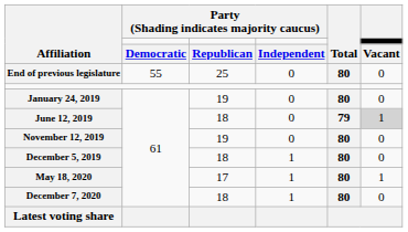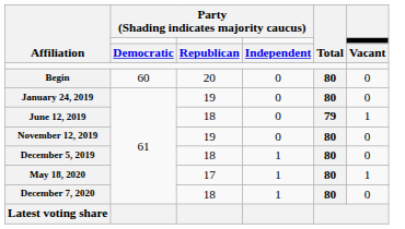 <table class="wikitable" style="text-align:center">
 <tr valign=bottom>
 <th scope="col" rowspan=3>Affiliation</th>
 <th scope="col" colspan=3>Party <div>(Shading indicates majority caucus)</div></th>
 <th scope="col" rowspan=3>Total</th>
 <th></th>
 </tr>
 <tr style="height:5px">
 <td style="background-color:"></td>
 <td style="background-color:"></td>
 <td style="background-color:"></td>
 <td style="background-color:black"></td>
 </tr>
 <tr>
 <th scope="row"><a href='#'>Democratic</a></th>
 <th><a href='#'>Republican</a></th>
 <th><a href='#'>Independent</a></th>
 <th>Vacant</th>
 </tr>
 <tr>
-<th scope="row" style="white-space:nowrap; font-size:80% ">End of previous legislature</th>
-<td>55</td>
-<td>25</td>
+<td colspan="5"></td>
+</tr>
+<tr>
+<th scope="row" style="white-space:nowrap; font-size:80%">Begin</th>
+<td>60</td>
+<td>20</td>
 <td>0</td>
 <th>80</th>
 <td>0</td>
-</tr>
-<tr>
-<td colspan="5"></td>
 </tr>
 <tr>
 <th scope="row" style="white-space:nowrap; font-size:80%">January 24, 2019</th>
 <td rowspan="6" >61</td>
 <td>19</td>
 <td>0</td>
 <th>80</th>
 <td>0</td>
 </tr>
 <tr>
 <th scope="row" style="white-space:nowrap; font-size:80%">June 12, 2019</th>
 <td>18</td>
 <td>0</td>
 <th>79</th>
-<td style="background: lightgrey;">1</td>
+<td>1</td>
 </tr>
 <tr>
 <th scope="row" style="white-space:nowrap; font-size:80%">November 12, 2019</th>
 <td>19</td>
 <td>0</td>
 <th>80</th>
 <td>0</td>
 </tr>
 <tr>
 <th scope="row" style="white-space:nowrap; font-size:80%">December 5, 2019</th>
 <td>18</td>
 <td>1</td>
 <th>80</th>
 <td>0</td>
 </tr>
 <tr>
 <th scope="row" style="white-space:nowrap; font-size:80%">May 18, 2020</th>
 <td>17</td>
 <td>1</td>
 <th>80</th>
 <td>1</td>
 </tr>
 <tr>
 <th scope="row" style="white-space:nowrap; font-size:80%">December 7, 2020</th>
 <td>18</td>
 <td>1</td>
 <th>80</th>
 <td>0</td>
 </tr>
 <tr>
 <th scope="row">Latest voting share</th>
 <th></th>
 <th></th>
 <th></th>
 <th colspan=2></th>
 </tr>
 </table>
